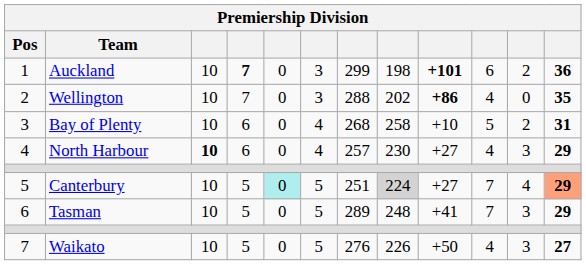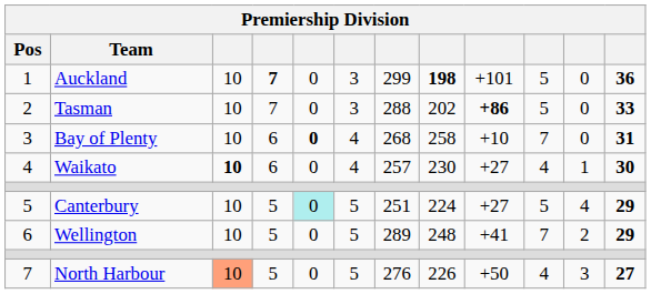 <table class="wikitable" width="550px" style="text-align:center">
 <tr>
 <th colspan="12">Premiership Division</th>
 </tr>
 <tr>
 <th style="width:5%">Pos</th>
 <th style="width:20%">Team</th>
 <th style="width:5%"></th>
 <th style="width:5%"></th>
 <th style="width:5%"></th>
 <th style="width:5%"></th>
 <th style="width:5%"></th>
 <th style="width:5%"></th>
 <th style="width:7%"></th>
 <th style="width:5%"></th>
 <th style="width:5%"></th>
 <th style="width:5%"></th>
 </tr>
 <tr>
 <td>1</td>
 <td style="text-align:left"><a href='#'>Auckland</a></td>
 <td>10</td>
 <td><strong>7</strong></td>
 <td>0</td>
 <td>3</td>
 <td>299</td>
-<td>198</td>
-<td><strong>+101</strong></td>
-<td>6</td>
-<td>2</td>
+<td><strong>198</strong></td>
+<td>+101</td>
+<td>5</td>
+<td>0</td>
 <td><strong>36</strong></td>
 </tr>
 <tr>
 <td>2</td>
-<td style="text-align:left"><a href='#'>Wellington</a></td>
+<td style="text-align:left"><a href='#'>Tasman</a></td>
 <td>10</td>
 <td>7</td>
 <td>0</td>
 <td>3</td>
 <td>288</td>
 <td>202</td>
 <td><strong>+86</strong></td>
-<td>4</td>
+<td>5</td>
 <td>0</td>
-<td><strong>35</strong></td>
+<td><strong>33</strong></td>
 </tr>
 <tr>
 <td>3</td>
 <td style="text-align:left"><a href='#'>Bay of Plenty</a></td>
 <td>10</td>
 <td>6</td>
-<td>0</td>
+<td><strong>0</strong></td>
 <td>4</td>
 <td>268</td>
 <td>258</td>
 <td>+10</td>
-<td>5</td>
-<td>2</td>
+<td>7</td>
+<td>0</td>
 <td><strong>31</strong></td>
 </tr>
 <tr>
 <td>4</td>
-<td style="text-align:left"><a href='#'>North Harbour</a></td>
+<td style="text-align:left"><a href='#'>Waikato</a></td>
 <td><strong>10</strong></td>
 <td>6</td>
 <td>0</td>
 <td>4</td>
 <td>257</td>
 <td>230</td>
 <td>+27</td>
 <td>4</td>
-<td>3</td>
-<td><strong>29</strong></td>
+<td>1</td>
+<td><strong>30</strong></td>
 </tr>
 <tr>
 <td colspan=12 style="background-color:#DDDDDD"></td>
 </tr>
 <tr>
 <td>5</td>
 <td style="text-align:left"><a href='#'>Canterbury</a></td>
 <td>10</td>
 <td>5</td>
 <td style="background: paleturquoise;">0</td>
 <td>5</td>
 <td>251</td>
-<td style="background: lightgrey;">224</td>
+<td>224</td>
 <td>+27</td>
-<td>7</td>
+<td>5</td>
 <td>4</td>
-<td style="background: lightsalmon;"><strong>29</strong></td>
+<td><strong>29</strong></td>
 </tr>
 <tr>
 <td>6</td>
-<td style="text-align:left"><a href='#'>Tasman</a></td>
+<td style="text-align:left"><a href='#'>Wellington</a></td>
 <td>10</td>
 <td>5</td>
 <td>0</td>
 <td>5</td>
 <td>289</td>
 <td>248</td>
 <td>+41</td>
 <td>7</td>
-<td>3</td>
+<td>2</td>
 <td><strong>29</strong></td>
 </tr>
 <tr>
 <td colspan=12 style="background-color:#DDDDDD"></td>
 </tr>
 <tr>
 <td>7</td>
-<td style="text-align:left"><a href='#'>Waikato</a></td>
-<td>10</td>
+<td style="text-align:left"><a href='#'>North Harbour</a></td>
+<td style="background: lightsalmon;">10</td>
 <td>5</td>
 <td>0</td>
 <td>5</td>
 <td>276</td>
 <td>226</td>
 <td>+50</td>
 <td>4</td>
 <td>3</td>
 <td><strong>27</strong></td>
 </tr>
 </table>
